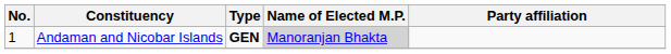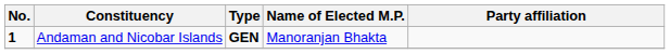 <table class="wikitable" style="font-size:95%;">
 <tr>
 <th>No.</th>
 <th>Constituency</th>
 <th>Type</th>
 <th>Name of Elected M.P.</th>
 <th colspan="2" style="width:18em">Party affiliation</th>
 </tr>
 <tr>
-<td>1</td>
+<td><strong>1</strong></td>
 <td><a href='#'>Andaman and Nicobar Islands</a></td>
 <td><strong>GEN</strong></td>
-<td style="background: lightgrey;"><a href='#'>Manoranjan Bhakta</a></td>
+<td><a href='#'>Manoranjan Bhakta</a></td>
 <td></td>
 </tr>
 <tr>
 </tr>
 </table>
